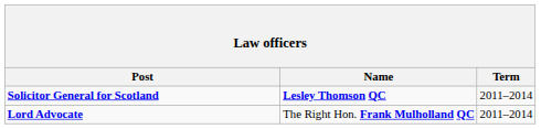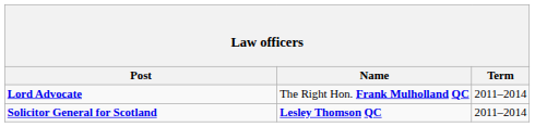 <table class="wikitable">
 <tr>
 <th colspan=3><br><h3>Law officers</h3></th>
 </tr>
 <tr>
 <th style="width: 365px">Post</th>
 <th>Name</th>
 <th>Term</th>
 </tr>
 <tr>
+<td><strong><a href='#'>Lord Advocate</a></strong></td>
+<td>The Right Hon. <strong><a href='#'>Frank Mulholland</a> <a href='#'>QC</a></strong></td>
+<td>2011–2014</td>
+</tr>
+<tr>
 <td><strong><a href='#'>Solicitor General for Scotland</a></strong></td>
 <td><strong><a href='#'>Lesley Thomson</a> <a href='#'>QC</a></strong></td>
 <td>2011–2014</td>
 </tr>
-<tr>
-<td><strong><a href='#'>Lord Advocate</a></strong></td>
-<td>The Right Hon. <strong><a href='#'>Frank Mulholland</a> <a href='#'>QC</a></strong></td>
-<td>2011–2014</td>
-</tr>
 </table>
